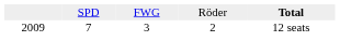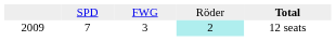 <table border="0" cellpadding="2" cellspacing="0" width="450">
 <tr bgcolor="#eeeeee" align="center">
 <td></td>
 <td><a href='#'>SPD</a></td>
 <td><a href='#'>FWG</a></td>
 <td>Röder</td>
 <td><strong>Total</strong></td>
 </tr>
 <tr align="center">
 <td>2009</td>
 <td>7</td>
 <td>3</td>
-<td>2</td>
+<td style="background: paleturquoise;">2</td>
 <td>12 seats</td>
 </tr>
 </table>
